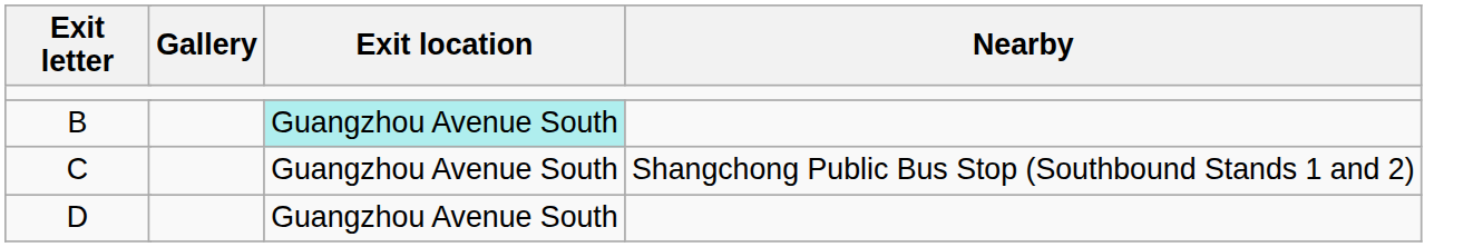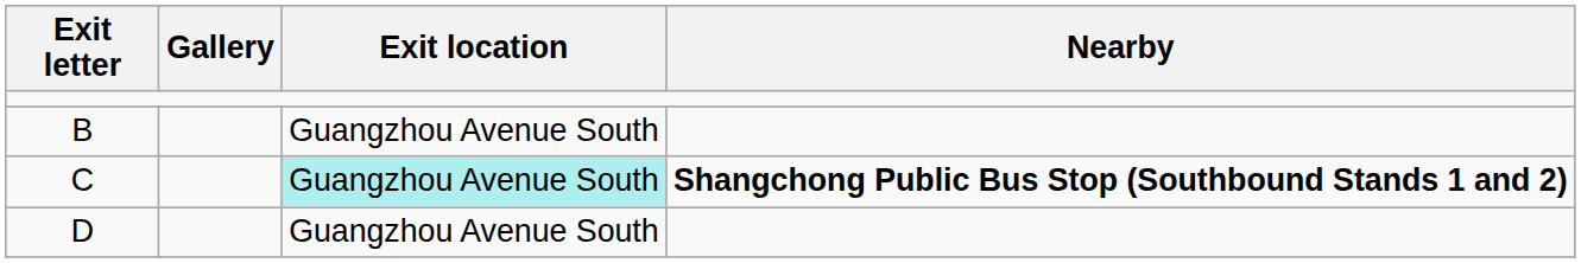 <table class="wikitable">
 <tr>
 <th style="width:70px" colspan="3">Exit letter</th>
 <th>Gallery</th>
 <th>Exit location</th>
 <th>Nearby</th>
 </tr>
 <tr style="background:#">
 <td colspan = "6"></td>
 </tr>
 <tr>
 <td align="center" colspan="3">B</td>
 <td></td>
-<td style="background: paleturquoise;">Guangzhou Avenue South</td>
+<td>Guangzhou Avenue South</td>
 <td></td>
 </tr>
 <tr>
 <td align="center" colspan="3">C</td>
 <td></td>
-<td>Guangzhou Avenue South</td>
-<td>Shangchong Public Bus Stop (Southbound Stands 1 and 2)</td>
+<td style="background: paleturquoise;">Guangzhou Avenue South</td>
+<td><strong>Shangchong Public Bus Stop (Southbound Stands 1 and 2)</strong></td>
 </tr>
 <tr>
 <td align="center" colspan="3">D</td>
 <td></td>
 <td>Guangzhou Avenue South</td>
 <td></td>
 </tr>
 </table>
